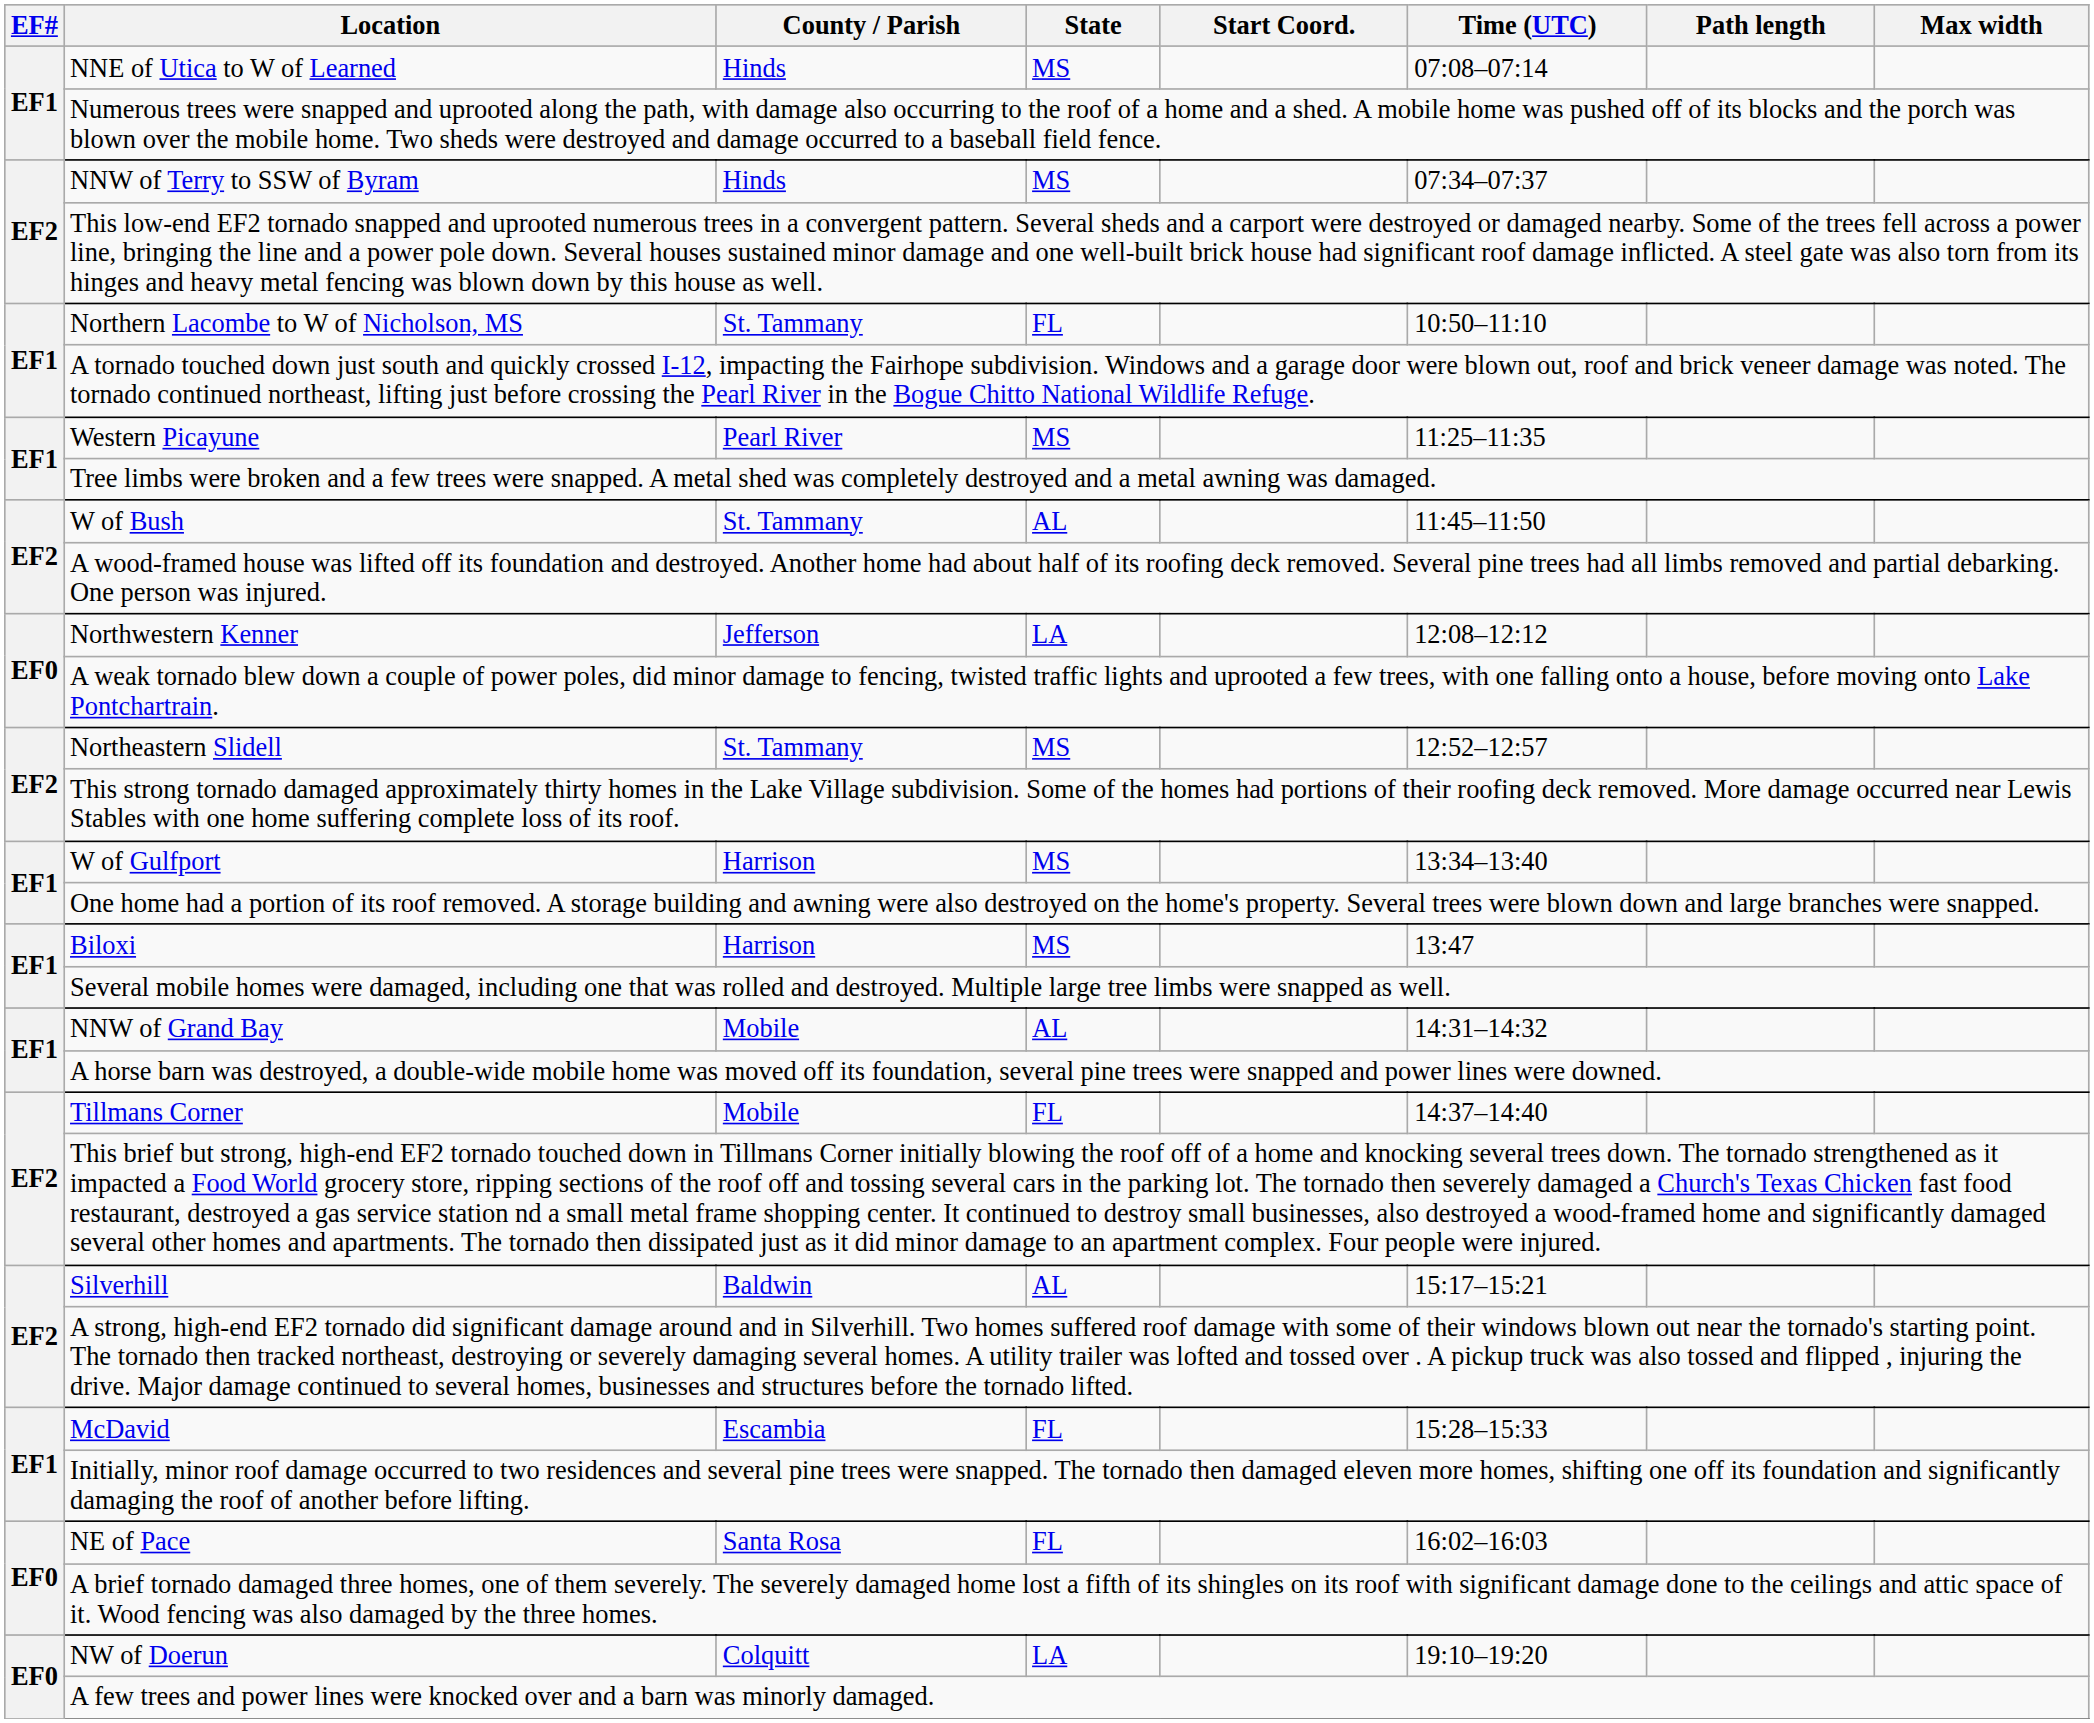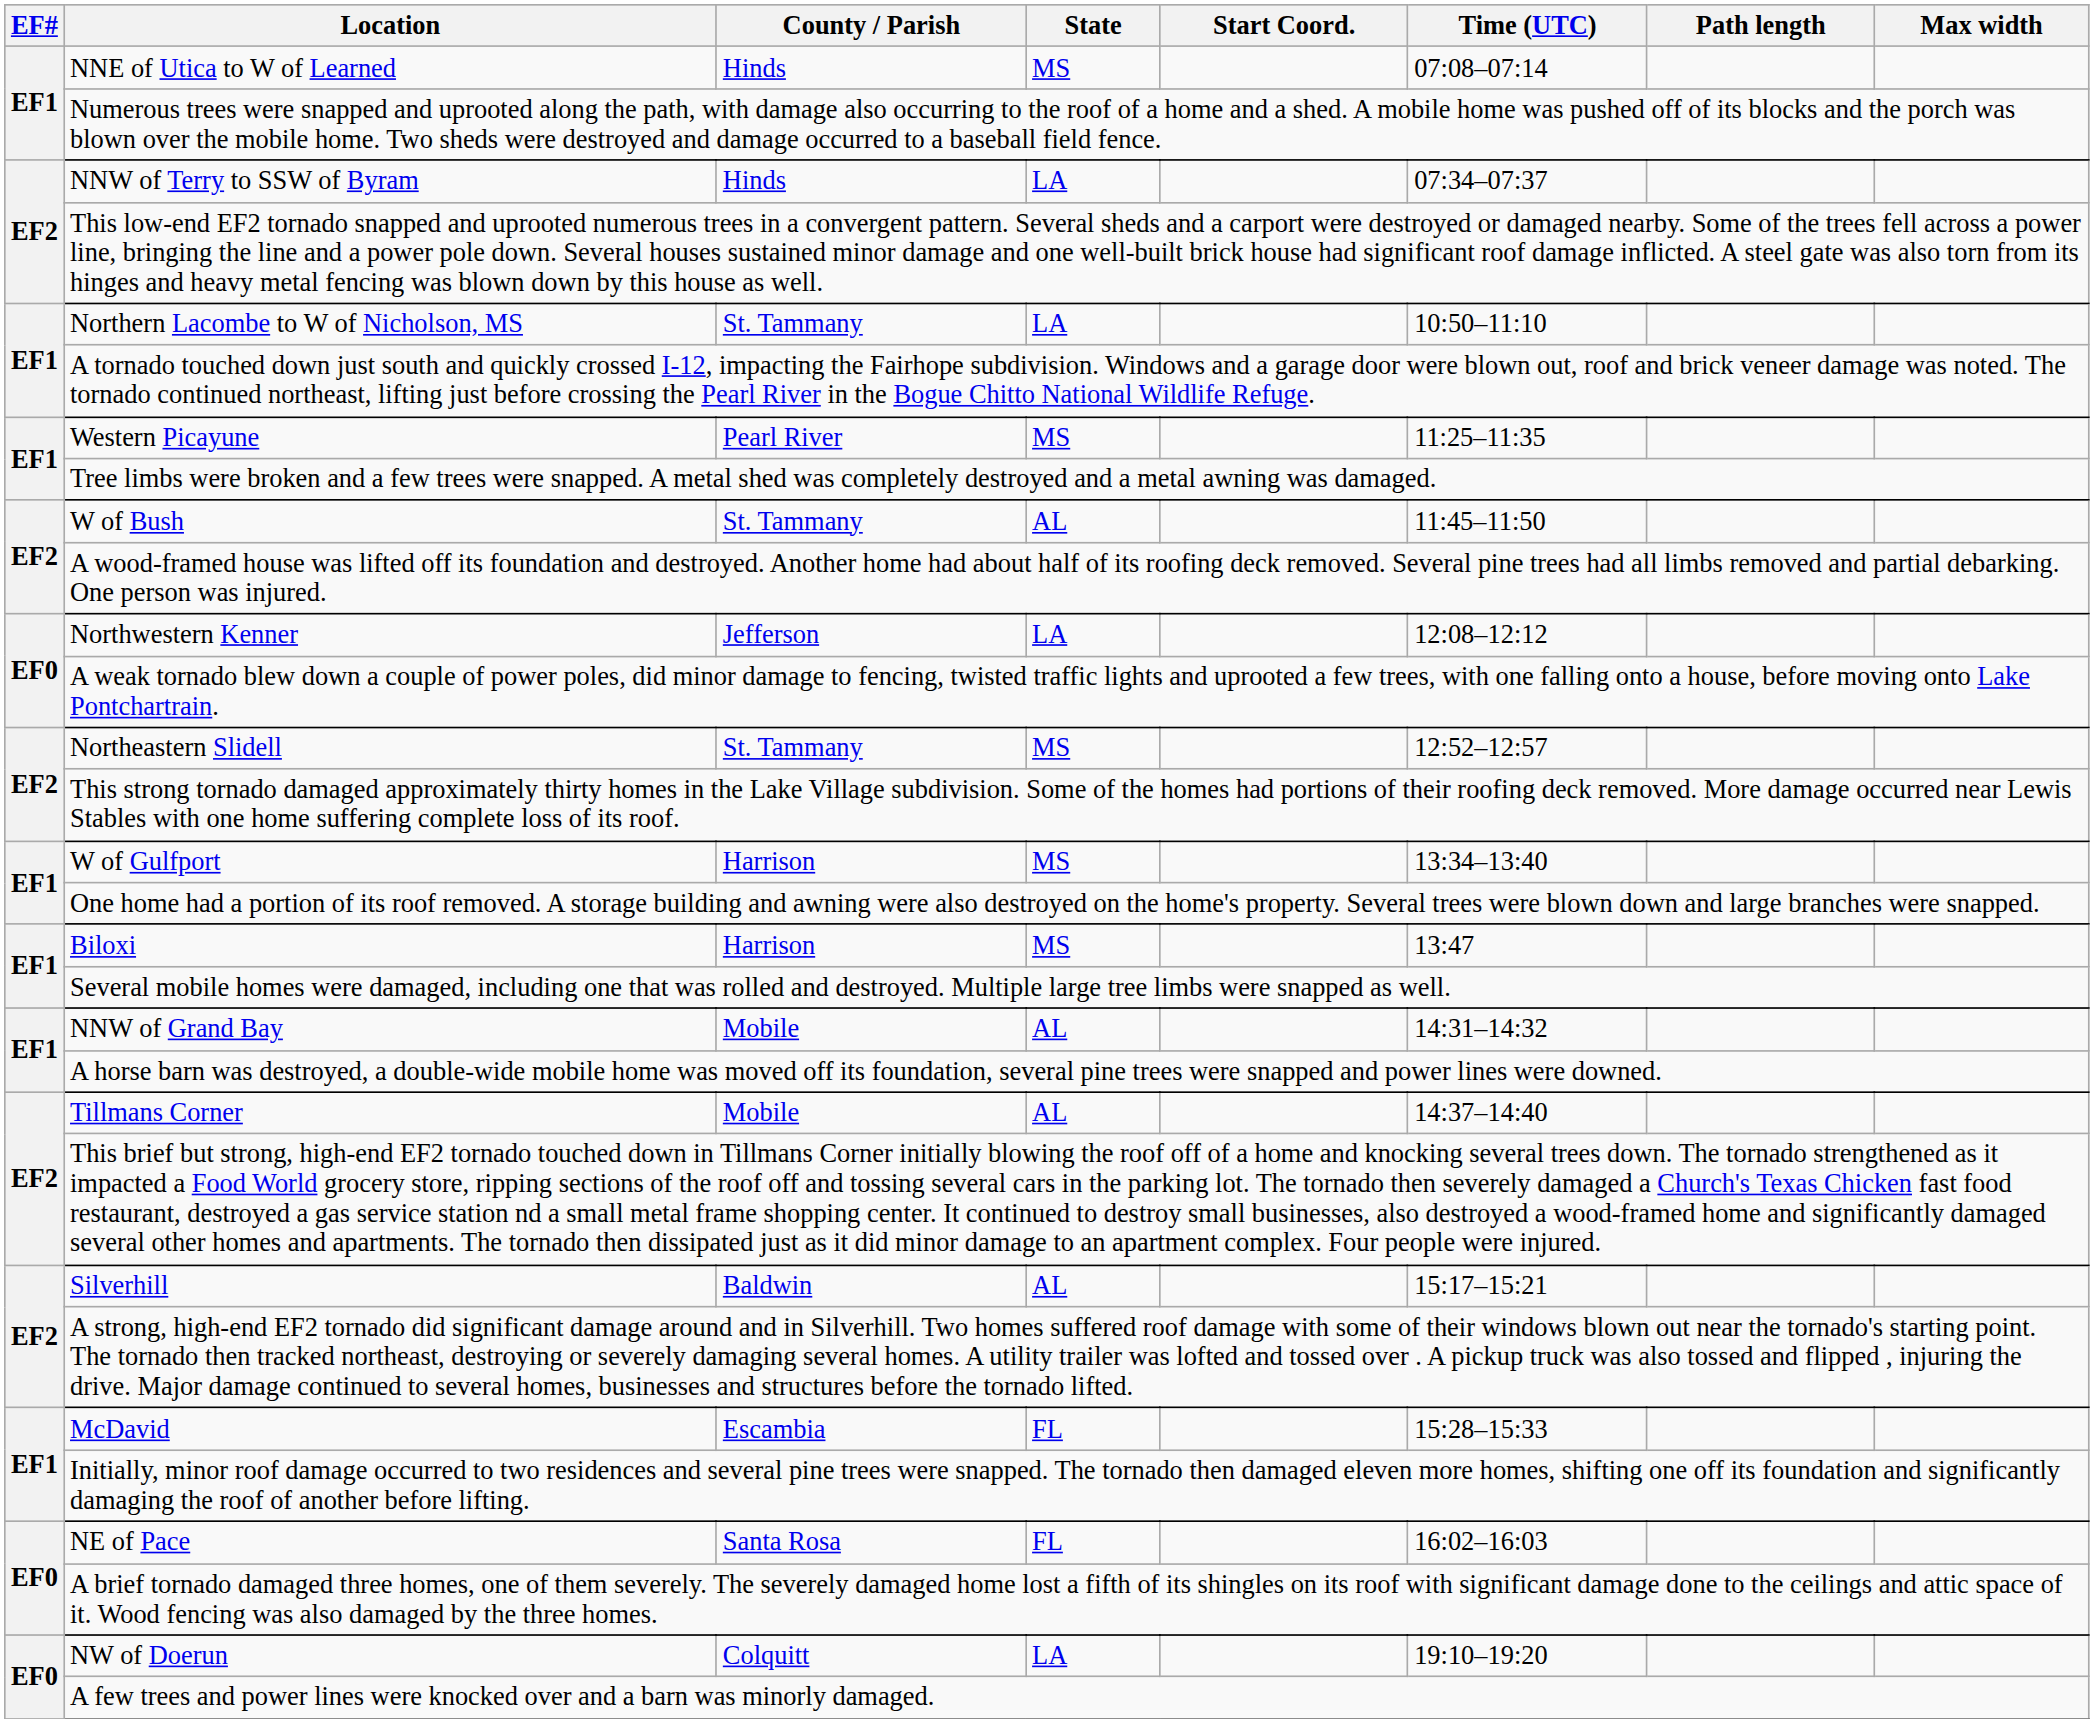 <table class="wikitable sortable" style="width:100%;">
 <tr>
 <th scope="col" width="2%" align="center"><a href='#'>EF#</a></th>
 <th scope="col" align="center" class="unsortable">Location</th>
 <th scope="col" align="center" class="unsortable">County / Parish</th>
 <th scope="col" align="center">State</th>
 <th scope="col" align="center">Start Coord.</th>
 <th scope="col" align="center">Time (<a href='#'>UTC</a>)</th>
 <th scope="col" align="center">Path length</th>
 <th scope="col" align="center">Max width</th>
 </tr>
 <tr>
 <th scope="row" rowspan="2" style="background-color:#">EF1</th>
 <td>NNE of <a href='#'>Utica</a> to W of <a href='#'>Learned</a></td>
 <td><a href='#'>Hinds</a></td>
 <td><a href='#'>MS</a></td>
 <td></td>
 <td>07:08–07:14</td>
 <td></td>
 <td></td>
 </tr>
 <tr class="expand-child">
 <td colspan="8" style=" border-bottom: 1px solid black;">Numerous trees were snapped and uprooted along the path, with damage also occurring to the roof of a home and a shed. A mobile home was pushed off of its blocks and the porch was blown over the mobile home. Two sheds were destroyed and damage occurred to a baseball field fence.</td>
 </tr>
 <tr>
 <th scope="row" rowspan="2" style="background-color:#">EF2</th>
 <td>NNW of <a href='#'>Terry</a> to SSW of <a href='#'>Byram</a></td>
 <td><a href='#'>Hinds</a></td>
-<td><a href='#'>MS</a></td>
+<td><a href='#'>LA</a></td>
 <td></td>
 <td>07:34–07:37</td>
 <td></td>
 <td></td>
 </tr>
 <tr class="expand-child">
 <td colspan="8" style=" border-bottom: 1px solid black;">This low-end EF2 tornado snapped and uprooted numerous trees in a convergent pattern. Several sheds and a carport were destroyed or damaged nearby. Some of the trees fell across a power line, bringing the line and a power pole down. Several houses sustained minor damage and one well-built brick house had significant roof damage inflicted. A steel gate was also torn from its hinges and heavy metal fencing was blown down by this house as well.</td>
 </tr>
 <tr>
 <th scope="row" rowspan="2" style="background-color:#">EF1</th>
 <td>Northern <a href='#'>Lacombe</a> to W of <a href='#'>Nicholson, MS</a></td>
 <td><a href='#'>St. Tammany</a></td>
-<td><a href='#'>FL</a></td>
+<td><a href='#'>LA</a></td>
 <td></td>
 <td>10:50–11:10</td>
 <td></td>
 <td></td>
 </tr>
 <tr class="expand-child">
 <td colspan="8" style=" border-bottom: 1px solid black;">A tornado touched down just south and quickly crossed <a href='#'>I-12</a>, impacting the Fairhope subdivision. Windows and a garage door were blown out, roof and brick veneer damage was noted. The tornado continued northeast, lifting just before crossing the <a href='#'>Pearl River</a> in the <a href='#'>Bogue Chitto National Wildlife Refuge</a>.</td>
 </tr>
 <tr>
 <th scope="row" rowspan="2" style="background-color:#">EF1</th>
 <td>Western <a href='#'>Picayune</a></td>
 <td><a href='#'>Pearl River</a></td>
 <td><a href='#'>MS</a></td>
 <td></td>
 <td>11:25–11:35</td>
 <td></td>
 <td></td>
 </tr>
 <tr class="expand-child">
 <td colspan="8" style=" border-bottom: 1px solid black;">Tree limbs were broken and a few trees were snapped. A metal shed was completely destroyed and a metal awning was damaged.</td>
 </tr>
 <tr>
 <th scope="row" rowspan="2" style="background-color:#">EF2</th>
 <td>W of <a href='#'>Bush</a></td>
 <td><a href='#'>St. Tammany</a></td>
 <td><a href='#'>AL</a></td>
 <td></td>
 <td>11:45–11:50</td>
 <td></td>
 <td></td>
 </tr>
 <tr class="expand-child">
 <td colspan="8" style=" border-bottom: 1px solid black;">A wood-framed house was lifted off its foundation and destroyed. Another home had about half of its roofing deck removed. Several pine trees had all limbs removed and partial debarking. One person was injured.</td>
 </tr>
 <tr>
 <th scope="row" rowspan="2" style="background-color:#">EF0</th>
 <td>Northwestern <a href='#'>Kenner</a></td>
 <td><a href='#'>Jefferson</a></td>
 <td><a href='#'>LA</a></td>
 <td></td>
 <td>12:08–12:12</td>
 <td></td>
 <td></td>
 </tr>
 <tr class="expand-child">
 <td colspan="8" style=" border-bottom: 1px solid black;">A weak tornado blew down a couple of power poles, did minor damage to fencing, twisted traffic lights and uprooted a few trees, with one falling onto a house, before moving onto <a href='#'>Lake Pontchartrain</a>.</td>
 </tr>
 <tr>
 <th scope="row" rowspan="2" style="background-color:#">EF2</th>
 <td>Northeastern <a href='#'>Slidell</a></td>
 <td><a href='#'>St. Tammany</a></td>
 <td><a href='#'>MS</a></td>
 <td></td>
 <td>12:52–12:57</td>
 <td></td>
 <td></td>
 </tr>
 <tr class="expand-child">
 <td colspan="8" style=" border-bottom: 1px solid black;">This strong tornado damaged approximately thirty homes in the Lake Village subdivision. Some of the homes had portions of their roofing deck removed. More damage occurred near Lewis Stables with one home suffering complete loss of its roof.</td>
 </tr>
 <tr>
 <th scope="row" rowspan="2" style="background-color:#">EF1</th>
 <td>W of <a href='#'>Gulfport</a></td>
 <td><a href='#'>Harrison</a></td>
 <td><a href='#'>MS</a></td>
 <td></td>
 <td>13:34–13:40</td>
 <td></td>
 <td></td>
 </tr>
 <tr class="expand-child">
 <td colspan="8" style=" border-bottom: 1px solid black;">One home had a portion of its roof removed. A storage building and awning were also destroyed on the home's property. Several trees were blown down and large branches were snapped.</td>
 </tr>
 <tr>
 <th scope="row" rowspan="2" style="background-color:#">EF1</th>
 <td><a href='#'>Biloxi</a></td>
 <td><a href='#'>Harrison</a></td>
 <td><a href='#'>MS</a></td>
 <td></td>
 <td>13:47</td>
 <td></td>
 <td></td>
 </tr>
 <tr class="expand-child">
 <td colspan="8" style=" border-bottom: 1px solid black;">Several mobile homes were damaged, including one that was rolled and destroyed. Multiple large tree limbs were snapped as well.</td>
 </tr>
 <tr>
 <th scope="row" rowspan="2" style="background-color:#">EF1</th>
 <td>NNW of <a href='#'>Grand Bay</a></td>
 <td><a href='#'>Mobile</a></td>
 <td><a href='#'>AL</a></td>
 <td></td>
 <td>14:31–14:32</td>
 <td></td>
 <td></td>
 </tr>
 <tr class="expand-child">
 <td colspan="8" style=" border-bottom: 1px solid black;">A horse barn was destroyed, a double-wide mobile home was moved off its foundation, several pine trees were snapped and power lines were downed.</td>
 </tr>
 <tr>
 <th scope="row" rowspan="2" style="background-color:#">EF2</th>
 <td><a href='#'>Tillmans Corner</a></td>
 <td><a href='#'>Mobile</a></td>
-<td><a href='#'>FL</a></td>
+<td><a href='#'>AL</a></td>
 <td></td>
 <td>14:37–14:40</td>
 <td></td>
 <td></td>
 </tr>
 <tr class="expand-child">
 <td colspan="8" style=" border-bottom: 1px solid black;">This brief but strong, high-end EF2 tornado touched down in Tillmans Corner initially blowing the roof off of a home and knocking several trees down. The tornado strengthened as it impacted a <a href='#'>Food World</a> grocery store, ripping sections of the roof off and tossing several cars in the parking lot. The tornado then severely damaged a <a href='#'>Church's Texas Chicken</a> fast food restaurant, destroyed a gas service station nd a small metal frame shopping center. It continued to destroy small businesses, also destroyed a wood-framed home and significantly damaged several other homes and apartments. The tornado then dissipated just as it did minor damage to an apartment complex. Four people were injured.</td>
 </tr>
 <tr>
 <th scope="row" rowspan="2" style="background-color:#">EF2</th>
 <td><a href='#'>Silverhill</a></td>
 <td><a href='#'>Baldwin</a></td>
 <td><a href='#'>AL</a></td>
 <td></td>
 <td>15:17–15:21</td>
 <td></td>
 <td></td>
 </tr>
 <tr class="expand-child">
 <td colspan="8" style=" border-bottom: 1px solid black;">A strong, high-end EF2 tornado did significant damage around and in Silverhill. Two homes suffered roof damage with some of their windows blown out near the tornado's starting point. The tornado then tracked northeast, destroying or severely damaging several homes. A utility trailer was lofted and tossed over . A pickup truck was also tossed and flipped , injuring the drive. Major damage continued to several homes, businesses and structures before the tornado lifted.</td>
 </tr>
 <tr>
 <th scope="row" rowspan="2" style="background-color:#">EF1</th>
 <td><a href='#'>McDavid</a></td>
 <td><a href='#'>Escambia</a></td>
 <td><a href='#'>FL</a></td>
 <td></td>
 <td>15:28–15:33</td>
 <td></td>
 <td></td>
 </tr>
 <tr class="expand-child">
 <td colspan="8" style=" border-bottom: 1px solid black;">Initially, minor roof damage occurred to two residences and several pine trees were snapped. The tornado then damaged eleven more homes, shifting one off its foundation and significantly damaging the roof of another before lifting.</td>
 </tr>
 <tr>
 <th scope="row" rowspan="2" style="background-color:#">EF0</th>
 <td>NE of <a href='#'>Pace</a></td>
 <td><a href='#'>Santa Rosa</a></td>
 <td><a href='#'>FL</a></td>
 <td></td>
 <td>16:02–16:03</td>
 <td></td>
 <td></td>
 </tr>
 <tr class="expand-child">
 <td colspan="8" style=" border-bottom: 1px solid black;">A brief tornado damaged three homes, one of them severely. The severely damaged home lost a fifth of its shingles on its roof with significant damage done to the ceilings and attic space of it. Wood fencing was also damaged by the three homes.</td>
 </tr>
 <tr>
 <th scope="row" rowspan="2" style="background-color:#">EF0</th>
 <td>NW of <a href='#'>Doerun</a></td>
 <td><a href='#'>Colquitt</a></td>
 <td><a href='#'>LA</a></td>
 <td></td>
 <td>19:10–19:20</td>
 <td></td>
 <td></td>
 </tr>
 <tr class="expand-child">
 <td colspan="8" style=" border-bottom: 1px solid black;">A few trees and power lines were knocked over and a barn was minorly damaged.</td>
 </tr>
 <tr>
 </tr>
 </table>
